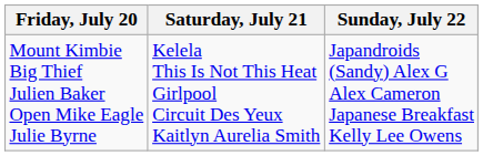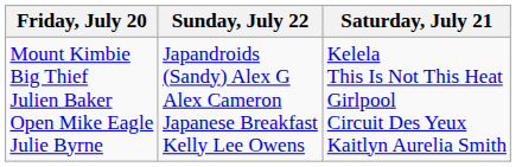 <table class="wikitable">
 <tr>
 <th>Friday, July 20</th>
+<th>Sunday, July 22</th>
 <th>Saturday, July 21</th>
-<th>Sunday, July 22</th>
 </tr>
 <tr valign="top">
 <td><a href='#'>Mount Kimbie</a><br><a href='#'>Big Thief</a><br><a href='#'>Julien Baker</a><br><a href='#'>Open Mike Eagle</a><br><a href='#'>Julie Byrne</a></td>
+<td><a href='#'>Japandroids</a><br><a href='#'>(Sandy) Alex G</a><br><a href='#'>Alex Cameron</a><br><a href='#'>Japanese Breakfast</a><br><a href='#'>Kelly Lee Owens</a></td>
 <td><a href='#'>Kelela</a><br><a href='#'>This Is Not This Heat</a><br><a href='#'>Girlpool</a><br><a href='#'>Circuit Des Yeux</a><br><a href='#'>Kaitlyn Aurelia Smith</a></td>
-<td><a href='#'>Japandroids</a><br><a href='#'>(Sandy) Alex G</a><br><a href='#'>Alex Cameron</a><br><a href='#'>Japanese Breakfast</a><br><a href='#'>Kelly Lee Owens</a></td>
 </tr>
 </table>
